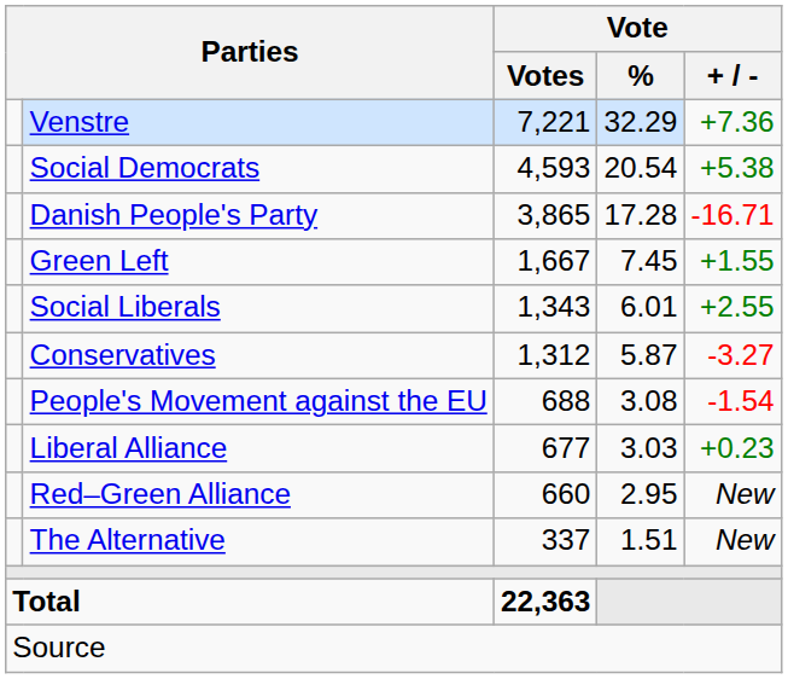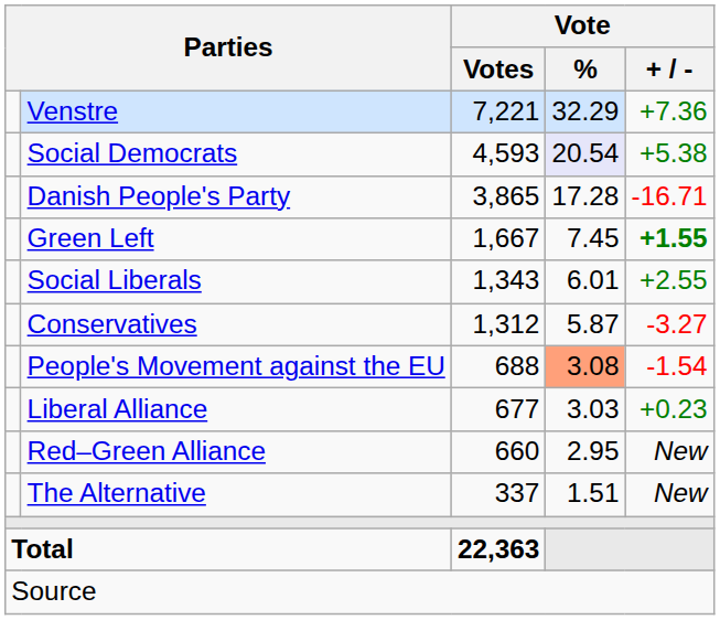 <table class="wikitable" style="text-align:right;">
 <tr>
 <th style="text-align:centre;" rowspan="2" colspan="2" width="225">Parties</th>
 <th colspan="3">Vote</th>
 </tr>
 <tr>
 <th width="15">Votes</th>
 <th width="15">%</th>
 <th width="15">+ / -</th>
 </tr>
 <tr>
 <td width="2" style="color:inherit;background:"></td>
 <td bgcolor=#cfe5fe   align="left"><a href='#'>Venstre</a></td>
 <td bgcolor=#cfe5fe>7,221</td>
 <td bgcolor=#cfe5fe>32.29</td>
 <td style=color:green;>+7.36</td>
 </tr>
 <tr>
 <td width="2" style="color:inherit;background:"></td>
 <td align="left"><a href='#'>Social Democrats</a></td>
 <td>4,593</td>
-<td>20.54</td>
+<td style="background: lavender;">20.54</td>
 <td style=color:green;>+5.38</td>
 </tr>
 <tr>
 <td width="2" style="color:inherit;background:"></td>
 <td align="left"><a href='#'>Danish People's Party</a></td>
 <td>3,865</td>
 <td>17.28</td>
 <td style=color:red;>-16.71</td>
 </tr>
 <tr>
 <td width="2" style="color:inherit;background:"></td>
 <td align="left"><a href='#'>Green Left</a></td>
 <td>1,667</td>
 <td>7.45</td>
-<td style=color:green;>+1.55</td>
+<td style=color:green;><strong>+1.55</strong></td>
 </tr>
 <tr>
 <td width="2" style="color:inherit;background:"></td>
 <td align="left"><a href='#'>Social Liberals</a></td>
 <td>1,343</td>
 <td>6.01</td>
 <td style=color:green;>+2.55</td>
 </tr>
 <tr>
 <td width="2" style="color:inherit;background:"></td>
 <td align="left"><a href='#'>Conservatives</a></td>
 <td>1,312</td>
 <td>5.87</td>
 <td style=color:red;>-3.27</td>
 </tr>
 <tr>
 <td width="2" style="color:inherit;background:"></td>
 <td align="left"><a href='#'>People's Movement against the EU</a></td>
 <td>688</td>
-<td>3.08</td>
+<td style="background: lightsalmon;">3.08</td>
 <td style=color:red;>-1.54</td>
 </tr>
 <tr>
 <td width="2" style="color:inherit;background:"></td>
 <td align="left"><a href='#'>Liberal Alliance</a></td>
 <td>677</td>
 <td>3.03</td>
 <td style=color:green;>+0.23</td>
 </tr>
 <tr>
 <td width="2" style="color:inherit;background:"></td>
 <td align="left"><a href='#'>Red–Green Alliance</a></td>
 <td>660</td>
 <td>2.95</td>
 <td><em>New</em></td>
 </tr>
 <tr>
 <td width="2" style="color:inherit;background:"></td>
 <td align="left"><a href='#'>The Alternative</a></td>
 <td>337</td>
 <td>1.51</td>
 <td><em>New</em></td>
 </tr>
 <tr>
 <td colspan="7" bgcolor="#E9E9E9"></td>
 </tr>
 <tr>
 <td align="left" colspan="2"><strong>Total</strong></td>
 <td><strong>22,363</strong></td>
 <td bgcolor="#E9E9E9" colspan="2"></td>
 </tr>
 <tr>
 <td align="left" colspan="6">Source</td>
 </tr>
 </table>
